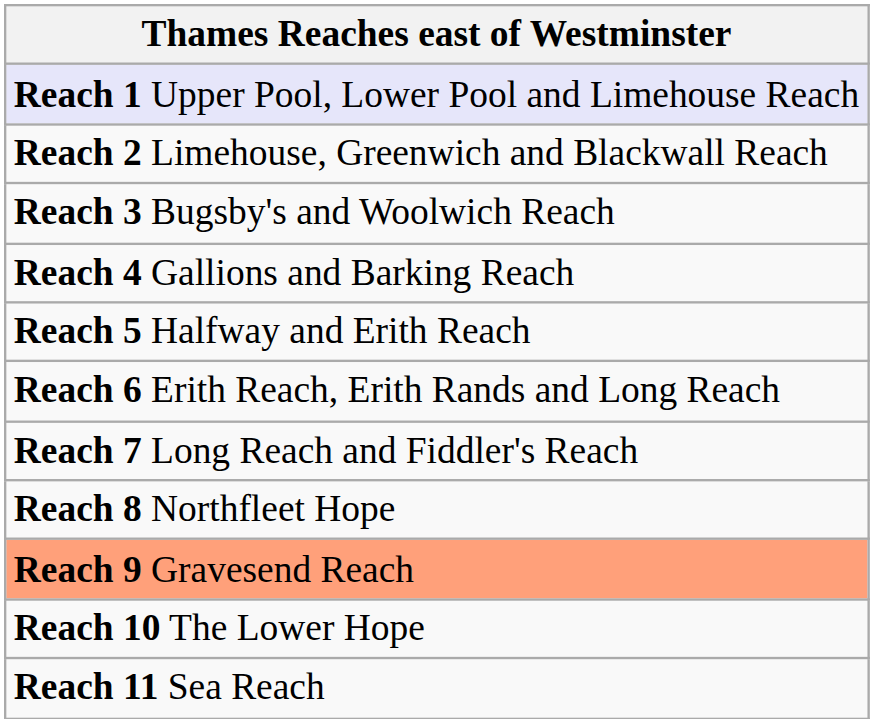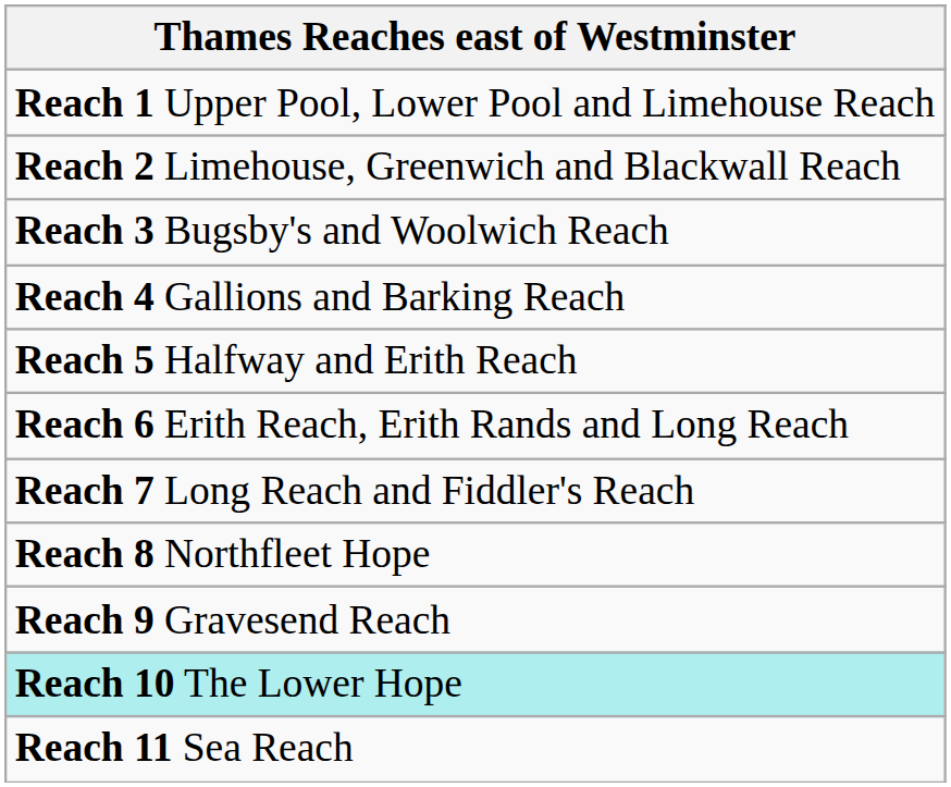 <table class="wikitable">
 <tr>
 <th>Thames Reaches east of Westminster</th>
 </tr>
 <tr>
-<td style="background: lavender;"><strong>Reach 1</strong> Upper Pool, Lower Pool and Limehouse Reach</td>
+<td><strong>Reach 1</strong> Upper Pool, Lower Pool and Limehouse Reach</td>
 </tr>
 <tr>
 <td><strong>Reach 2</strong> Limehouse, Greenwich and Blackwall Reach</td>
 </tr>
 <tr>
 <td><strong>Reach 3</strong> Bugsby's and Woolwich Reach</td>
 </tr>
 <tr>
 <td><strong>Reach 4</strong> Gallions and Barking Reach</td>
 </tr>
 <tr>
 <td><strong>Reach 5</strong> Halfway and Erith Reach</td>
 </tr>
 <tr>
 <td><strong>Reach 6</strong> Erith Reach, Erith Rands and Long Reach</td>
 </tr>
 <tr>
 <td><strong>Reach 7</strong> Long Reach and Fiddler's Reach</td>
 </tr>
 <tr>
 <td><strong>Reach 8</strong> Northfleet Hope</td>
 </tr>
 <tr>
-<td style="background: lightsalmon;"><strong>Reach 9</strong> Gravesend Reach</td>
+<td><strong>Reach 9</strong> Gravesend Reach</td>
 </tr>
 <tr>
-<td><strong>Reach 10</strong> The Lower Hope</td>
+<td style="background: paleturquoise;"><strong>Reach 10</strong> The Lower Hope</td>
 </tr>
 <tr>
 <td><strong>Reach 11</strong> Sea Reach</td>
 </tr>
 </table>
